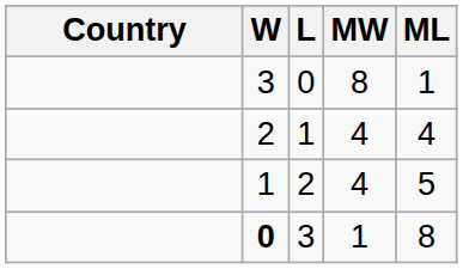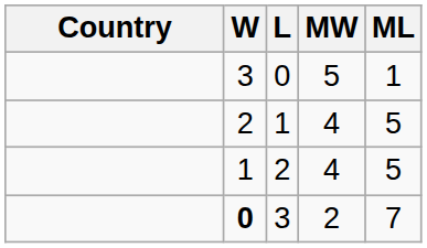 <table class="wikitable sortable" style="text-align:center">
 <tr>
 <th width=110>Country</th>
 <th>W</th>
 <th>L</th>
 <th>MW</th>
 <th>ML</th>
 </tr>
 <tr>
 <td align=left><strong></strong></td>
 <td>3</td>
 <td>0</td>
-<td>8</td>
+<td>5</td>
 <td>1</td>
 </tr>
 <tr>
 <td align=left></td>
 <td>2</td>
 <td>1</td>
 <td>4</td>
-<td>4</td>
+<td>5</td>
 </tr>
 <tr>
 <td align=left></td>
 <td>1</td>
 <td>2</td>
 <td>4</td>
 <td>5</td>
 </tr>
 <tr>
 <td align=left></td>
 <td><strong>0</strong></td>
 <td>3</td>
-<td>1</td>
-<td>8</td>
+<td>2</td>
+<td>7</td>
 </tr>
 </table>
